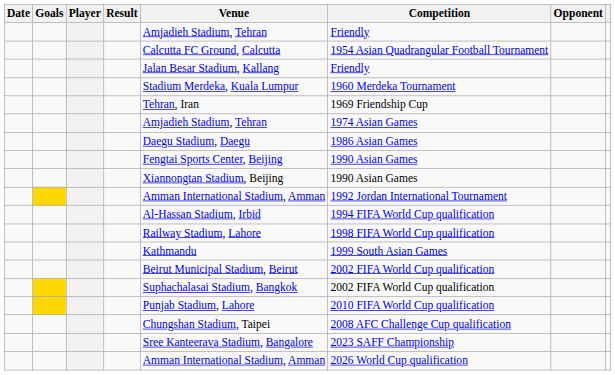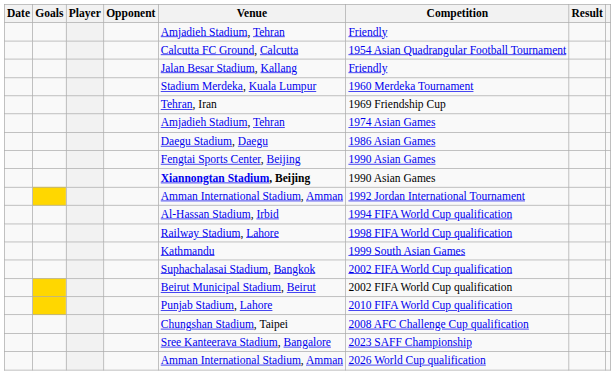 <table class="wikitable plainrowheaders sortable">
 <tr>
 <th scope="col">Date</th>
 <th scope="col">Goals</th>
 <th scope="col">Player</th>
-<th scope="col">Result</th>
+<th scope="col">Opponent</th>
 <th scope="col">Venue</th>
 <th scope="col">Competition</th>
-<th scope="col">Opponent</th>
+<th scope="col">Result</th>
 <th scope="col" class="unsortable"></th>
 </tr>
 <tr>
 <td></td>
 <td></td>
 <th scope="row"></th>
 <td></td>
 <td><a href='#'>Amjadieh Stadium</a>, <a href='#'>Tehran</a></td>
 <td><a href='#'>Friendly</a></td>
 <td></td>
 <td></td>
 </tr>
 <tr>
 <td></td>
 <td></td>
 <th scope="row"></th>
 <td></td>
 <td><a href='#'>Calcutta FC Ground</a>, <a href='#'>Calcutta</a></td>
 <td><a href='#'>1954 Asian Quadrangular Football Tournament</a></td>
 <td></td>
 <td></td>
 </tr>
 <tr>
 <td></td>
 <td></td>
 <th scope="row"></th>
 <td></td>
 <td><a href='#'>Jalan Besar Stadium</a>, <a href='#'>Kallang</a></td>
 <td><a href='#'>Friendly</a></td>
 <td></td>
 <td></td>
 </tr>
 <tr>
 <td></td>
 <td></td>
 <th scope="row"></th>
 <td></td>
 <td><a href='#'>Stadium Merdeka</a>, <a href='#'>Kuala Lumpur</a></td>
 <td><a href='#'>1960 Merdeka Tournament</a></td>
 <td></td>
 <td></td>
 </tr>
 <tr>
 <td></td>
 <td></td>
 <th scope="row"></th>
 <td></td>
 <td><a href='#'>Tehran</a>, Iran</td>
 <td>1969 Friendship Cup</td>
 <td></td>
 <td></td>
 </tr>
 <tr>
 <td></td>
 <td></td>
 <th scope="row"></th>
 <td></td>
 <td><a href='#'>Amjadieh Stadium</a>, <a href='#'>Tehran</a></td>
 <td><a href='#'>1974 Asian Games</a></td>
 <td></td>
 <td></td>
 </tr>
 <tr>
 <td></td>
 <td></td>
 <th scope="row"></th>
 <td></td>
 <td><a href='#'>Daegu Stadium</a>, <a href='#'>Daegu</a></td>
 <td><a href='#'>1986 Asian Games</a></td>
 <td></td>
 <td></td>
 </tr>
 <tr>
 <td></td>
 <td></td>
 <th scope="row"></th>
 <td></td>
 <td><a href='#'>Fengtai Sports Center</a>, <a href='#'>Beijing</a></td>
 <td><a href='#'>1990 Asian Games</a></td>
 <td></td>
 <td></td>
 </tr>
 <tr>
 <td></td>
 <td></td>
 <th scope="row"></th>
 <td></td>
-<td><a href='#'>Xiannongtan Stadium</a>, Beijing</td>
+<td><strong><a href='#'>Xiannongtan Stadium</a>, Beijing</strong></td>
 <td>1990 Asian Games</td>
 <td></td>
 <td></td>
 </tr>
 <tr>
 <td></td>
 <td bgcolor=gold></td>
 <th scope="row"></th>
 <td></td>
 <td><a href='#'>Amman International Stadium</a>, <a href='#'>Amman</a></td>
 <td><a href='#'>1992 Jordan International Tournament</a></td>
 <td></td>
 <td></td>
 </tr>
 <tr>
 <td></td>
 <td></td>
 <th scope="row"></th>
 <td></td>
 <td><a href='#'>Al-Hassan Stadium</a>, <a href='#'>Irbid</a></td>
 <td><a href='#'>1994 FIFA World Cup qualification</a></td>
 <td></td>
 <td></td>
 </tr>
 <tr>
 <td></td>
 <td></td>
 <th scope="row"></th>
 <td></td>
 <td><a href='#'>Railway Stadium</a>, <a href='#'>Lahore</a></td>
 <td><a href='#'>1998 FIFA World Cup qualification</a></td>
 <td></td>
 <td></td>
 </tr>
 <tr>
 <td></td>
 <td></td>
 <th scope="row"></th>
 <td></td>
 <td><a href='#'>Kathmandu</a></td>
 <td><a href='#'>1999 South Asian Games</a></td>
 <td></td>
 <td></td>
 </tr>
 <tr>
 <td></td>
 <td></td>
 <th scope="row"></th>
 <td></td>
-<td><a href='#'>Beirut Municipal Stadium</a>, <a href='#'>Beirut</a></td>
+<td><a href='#'>Suphachalasai Stadium</a>, <a href='#'>Bangkok</a></td>
 <td><a href='#'>2002 FIFA World Cup qualification</a></td>
 <td></td>
 <td></td>
 </tr>
 <tr>
 <td></td>
 <td bgcolor=gold></td>
 <th scope="row"></th>
 <td></td>
-<td><a href='#'>Suphachalasai Stadium</a>, <a href='#'>Bangkok</a></td>
+<td><a href='#'>Beirut Municipal Stadium</a>, <a href='#'>Beirut</a></td>
 <td>2002 FIFA World Cup qualification</td>
 <td></td>
 <td></td>
 </tr>
 <tr>
 <td></td>
 <td bgcolor=gold></td>
 <th scope="row"></th>
 <td></td>
 <td><a href='#'>Punjab Stadium</a>, <a href='#'>Lahore</a></td>
 <td><a href='#'>2010 FIFA World Cup qualification</a></td>
 <td></td>
 <td></td>
 </tr>
 <tr>
 <td></td>
 <td></td>
 <th scope="row"></th>
 <td></td>
 <td><a href='#'>Chungshan Stadium</a>, Taipei</td>
 <td><a href='#'>2008 AFC Challenge Cup qualification</a></td>
 <td></td>
 <td></td>
 </tr>
 <tr>
 <td></td>
 <td></td>
 <th scope="row"></th>
 <td></td>
 <td><a href='#'>Sree Kanteerava Stadium</a>, <a href='#'>Bangalore</a></td>
 <td><a href='#'>2023 SAFF Championship</a></td>
 <td></td>
 <td></td>
 </tr>
 <tr>
 <td></td>
 <td></td>
 <th scope="row"></th>
 <td></td>
 <td><a href='#'>Amman International Stadium</a>, <a href='#'>Amman</a></td>
 <td><a href='#'>2026 World Cup qualification</a></td>
 <td></td>
 <td></td>
 </tr>
 </table>
